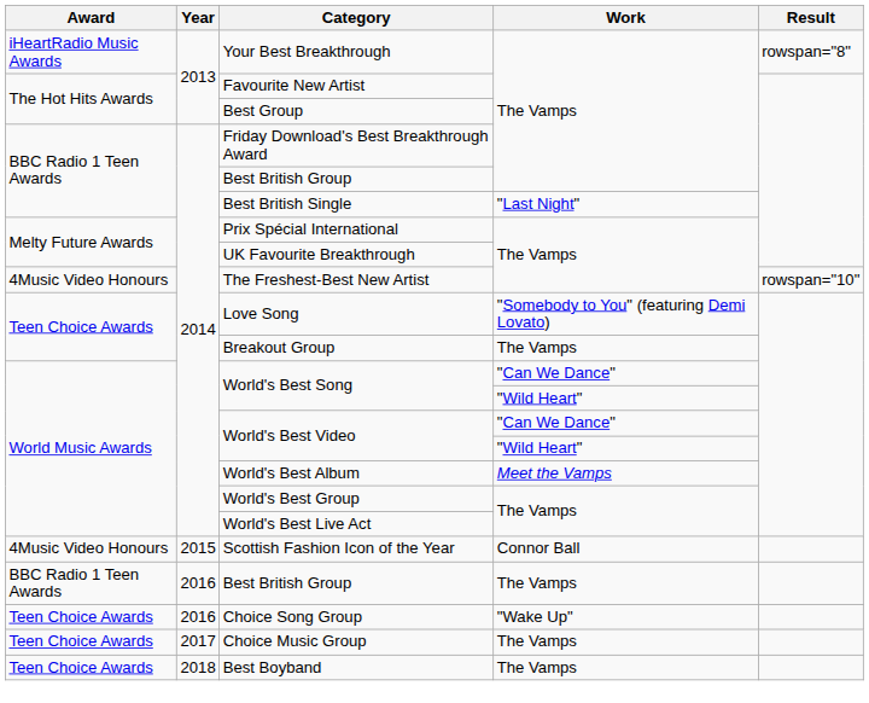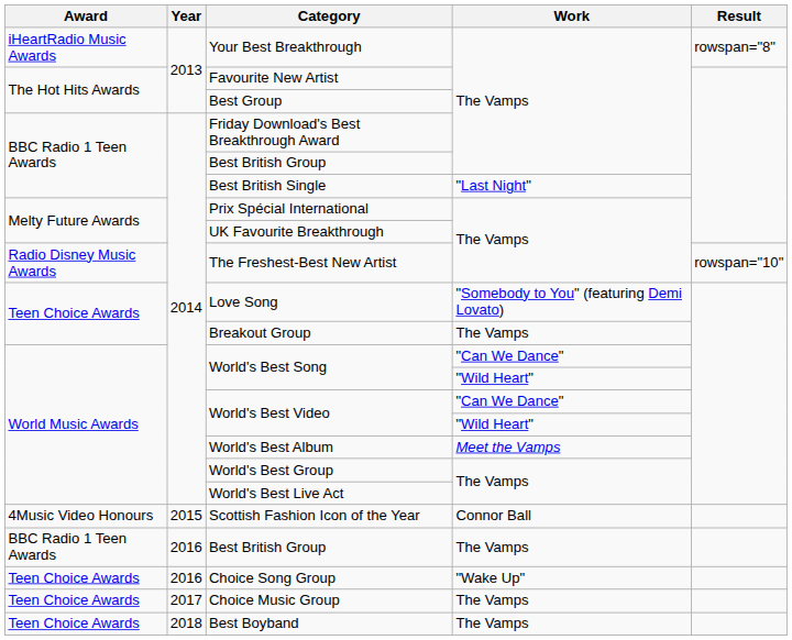 <table class="wikitable">
 <tr>
 <th>Award</th>
 <th>Year</th>
 <th>Category</th>
 <th>Work</th>
 <th>Result</th>
 </tr>
 <tr>
 <td><a href='#'>iHeartRadio Music Awards</a></td>
 <td rowspan="3">2013</td>
 <td>Your Best Breakthrough</td>
 <td rowspan="5">The Vamps</td>
 <td>rowspan="8" </td>
 </tr>
 <tr>
 <td rowspan="2">The Hot Hits Awards</td>
 <td>Favourite New Artist</td>
 </tr>
 <tr>
 <td>Best Group</td>
 </tr>
 <tr>
 <td rowspan="3">BBC Radio 1 Teen Awards</td>
 <td rowspan="15">2014</td>
 <td>Friday Download's Best Breakthrough Award</td>
 </tr>
 <tr>
 <td>Best British Group</td>
 </tr>
 <tr>
 <td>Best British Single</td>
 <td>"<a href='#'>Last Night</a>"</td>
 </tr>
 <tr>
 <td rowspan="2">Melty Future Awards</td>
 <td>Prix Spécial International</td>
 <td rowspan="3">The Vamps</td>
 </tr>
 <tr>
 <td>UK Favourite Breakthrough</td>
 </tr>
 <tr>
-<td>4Music Video Honours</td>
+<td><a href='#'>Radio Disney Music Awards</a></td>
 <td>The Freshest-Best New Artist</td>
 <td>rowspan="10" </td>
 </tr>
 <tr>
 <td rowspan="2"><a href='#'>Teen Choice Awards</a></td>
 <td>Love Song</td>
 <td>"<a href='#'>Somebody to You</a>" (featuring <a href='#'>Demi Lovato</a>)</td>
 </tr>
 <tr>
 <td>Breakout Group</td>
 <td>The Vamps</td>
 </tr>
 <tr>
 <td rowspan="7"><a href='#'>World Music Awards</a></td>
 <td rowspan="2">World's Best Song</td>
 <td>"<a href='#'>Can We Dance</a>"</td>
 </tr>
 <tr>
 <td>"<a href='#'>Wild Heart</a>"</td>
 </tr>
 <tr>
 <td rowspan="2">World's Best Video</td>
 <td>"<a href='#'>Can We Dance</a>"</td>
 </tr>
 <tr>
 <td>"<a href='#'>Wild Heart</a>"</td>
 </tr>
 <tr>
 <td>World's Best Album</td>
 <td><em><a href='#'>Meet the Vamps</a></em></td>
 </tr>
 <tr>
 <td>World's Best Group</td>
 <td rowspan="2">The Vamps</td>
 </tr>
 <tr>
 <td>World's Best Live Act</td>
 </tr>
 <tr>
 <td>4Music Video Honours</td>
 <td>2015</td>
 <td>Scottish Fashion Icon of the Year</td>
 <td>Connor Ball</td>
 <td></td>
 </tr>
 <tr>
 <td>BBC Radio 1 Teen Awards</td>
 <td>2016</td>
 <td>Best British Group</td>
 <td>The Vamps</td>
 <td></td>
 </tr>
 <tr>
 <td><a href='#'>Teen Choice Awards</a></td>
 <td>2016</td>
 <td>Choice Song Group</td>
 <td>"Wake Up"</td>
 <td></td>
 </tr>
 <tr>
 <td><a href='#'>Teen Choice Awards</a></td>
 <td>2017</td>
 <td>Choice Music Group</td>
 <td>The Vamps</td>
 <td></td>
 </tr>
 <tr>
 <td><a href='#'>Teen Choice Awards</a></td>
 <td>2018</td>
 <td>Best Boyband</td>
 <td>The Vamps</td>
 <td></td>
 </tr>
 </table>
